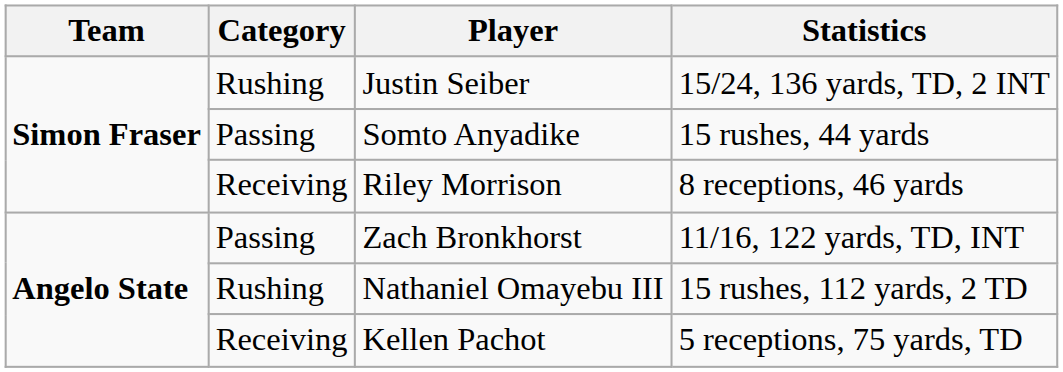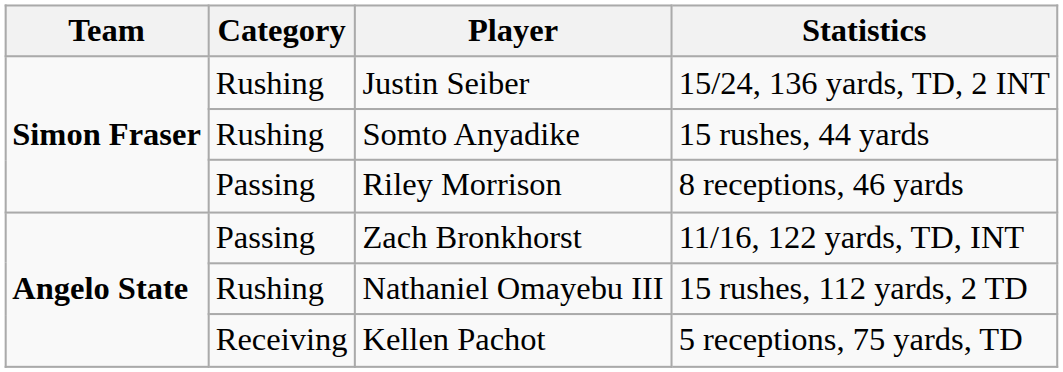 <table class="wikitable" style="float: right;">
 <tr>
 <th>Team</th>
 <th>Category</th>
 <th>Player</th>
 <th>Statistics</th>
 </tr>
 <tr>
 <td rowspan=3><strong>Simon Fraser</strong></td>
 <td>Rushing</td>
 <td>Justin Seiber</td>
 <td>15/24, 136 yards, TD, 2 INT</td>
 </tr>
 <tr>
-<td>Passing</td>
+<td>Rushing</td>
 <td>Somto Anyadike</td>
 <td>15 rushes, 44 yards</td>
 </tr>
 <tr>
-<td>Receiving</td>
+<td>Passing</td>
 <td>Riley Morrison</td>
 <td>8 receptions, 46 yards</td>
 </tr>
 <tr>
 <td rowspan=3><strong>Angelo State</strong></td>
 <td>Passing</td>
 <td>Zach Bronkhorst</td>
 <td>11/16, 122 yards, TD, INT</td>
 </tr>
 <tr>
 <td>Rushing</td>
 <td>Nathaniel Omayebu III</td>
 <td>15 rushes, 112 yards, 2 TD</td>
 </tr>
 <tr>
 <td>Receiving</td>
 <td>Kellen Pachot</td>
 <td>5 receptions, 75 yards, TD</td>
 </tr>
 </table>
